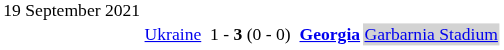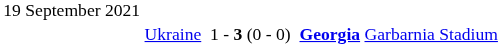 <table>
 <tr>
 <td>19 September 2021</td>
 </tr>
 <tr>
 <td></td>
 <td align=right><a href='#'>Ukraine</a></td>
 <td></td>
 <td>1 - <strong>3</strong> (0 - 0)</td>
 <td></td>
 <td><strong><a href='#'>Georgia</a> </strong></td>
-<td style="background: lightgrey;"><a href='#'>Garbarnia Stadium</a></td>
+<td><a href='#'>Garbarnia Stadium</a></td>
 </tr>
 </table>
